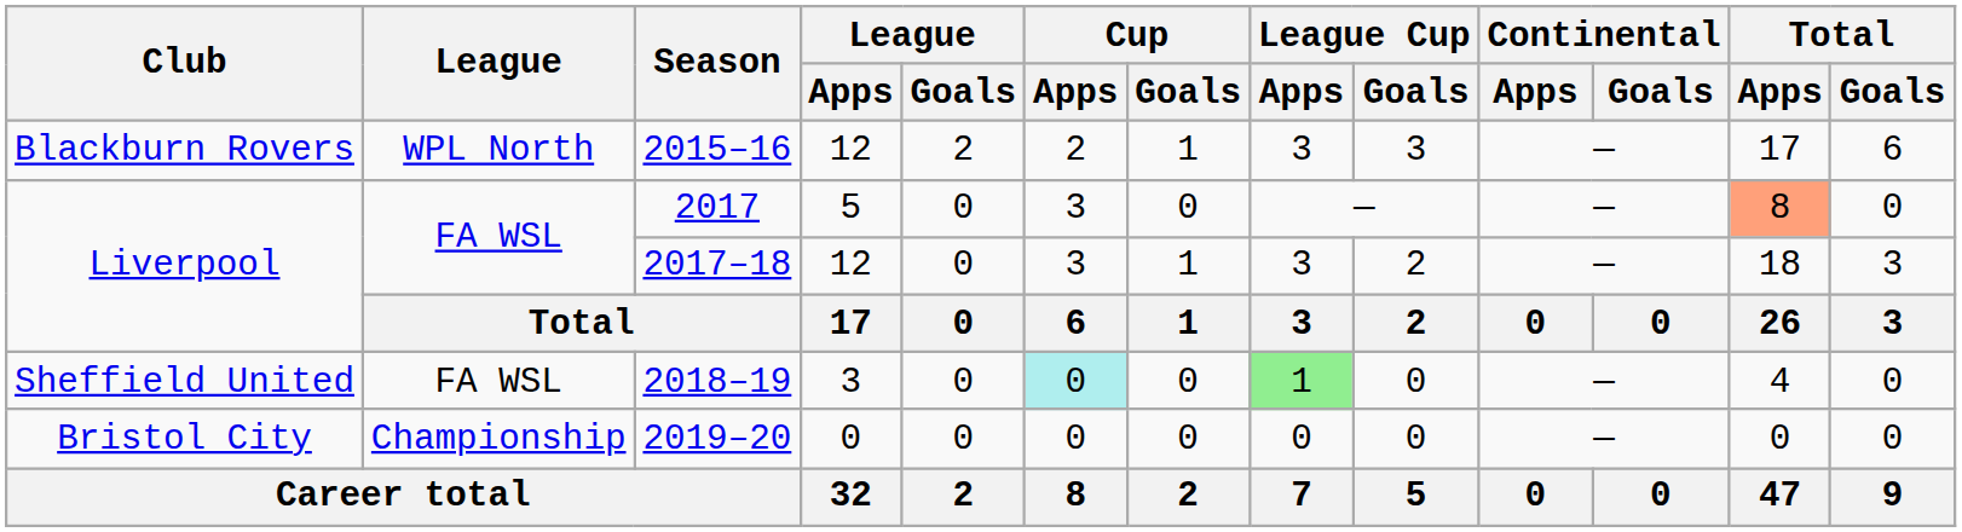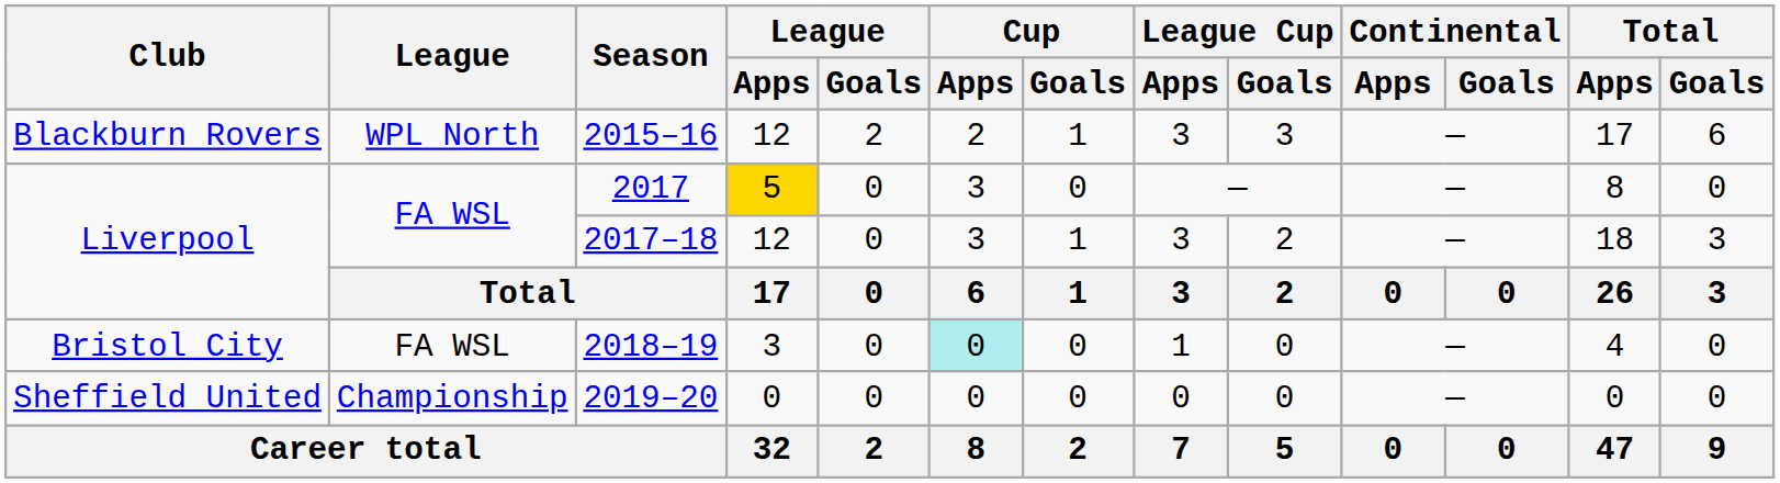 <table class="wikitable" style="text-align: center;">
 <tr>
 <th rowspan="2">Club</th>
 <th rowspan="2">League</th>
 <th rowspan="2">Season</th>
 <th colspan="2">League</th>
 <th colspan="2">Cup</th>
 <th colspan="2">League Cup</th>
 <th colspan="2">Continental</th>
 <th colspan="2">Total</th>
 </tr>
 <tr>
 <th>Apps</th>
 <th>Goals</th>
 <th>Apps</th>
 <th>Goals</th>
 <th>Apps</th>
 <th>Goals</th>
 <th>Apps</th>
 <th>Goals</th>
 <th>Apps</th>
 <th>Goals</th>
 </tr>
 <tr>
 <td><a href='#'>Blackburn Rovers</a></td>
 <td><a href='#'>WPL North</a></td>
 <td><a href='#'>2015–16</a></td>
 <td>12</td>
 <td>2</td>
 <td>2</td>
 <td>1</td>
 <td>3</td>
 <td>3</td>
 <td colspan=2>—</td>
 <td>17</td>
 <td>6</td>
 </tr>
 <tr>
 <td rowspan="3"><a href='#'>Liverpool</a></td>
 <td rowspan="2"><a href='#'>FA WSL</a></td>
 <td><a href='#'>2017</a></td>
-<td>5</td>
+<td style="background: gold;">5</td>
 <td>0</td>
 <td>3</td>
 <td>0</td>
 <td colspan=2>—</td>
 <td colspan=2>—</td>
-<td style="background: lightsalmon;">8</td>
+<td>8</td>
 <td>0</td>
 </tr>
 <tr>
 <td><a href='#'>2017–18</a></td>
 <td>12</td>
 <td>0</td>
 <td>3</td>
 <td>1</td>
 <td>3</td>
 <td>2</td>
 <td colspan=2>—</td>
 <td>18</td>
 <td>3</td>
 </tr>
 <tr>
 <th colspan="2">Total</th>
 <th>17</th>
 <th>0</th>
 <th>6</th>
 <th>1</th>
 <th>3</th>
 <th>2</th>
 <th>0</th>
 <th>0</th>
 <th>26</th>
 <th>3</th>
 </tr>
 <tr>
-<td><a href='#'>Sheffield United</a></td>
+<td><a href='#'>Bristol City</a></td>
 <td>FA WSL</td>
 <td><a href='#'>2018–19</a></td>
 <td>3</td>
 <td>0</td>
 <td style="background: paleturquoise;">0</td>
 <td>0</td>
-<td style="background: lightgreen;">1</td>
+<td>1</td>
 <td>0</td>
 <td colspan=2>—</td>
 <td>4</td>
 <td>0</td>
 </tr>
 <tr>
-<td><a href='#'>Bristol City</a></td>
+<td><a href='#'>Sheffield United</a></td>
 <td><a href='#'>Championship</a></td>
 <td><a href='#'>2019–20</a></td>
 <td>0</td>
 <td>0</td>
 <td>0</td>
 <td>0</td>
 <td>0</td>
 <td>0</td>
 <td colspan=2>—</td>
 <td>0</td>
 <td>0</td>
 </tr>
 <tr>
 <th colspan="3">Career total</th>
 <th>32</th>
 <th>2</th>
 <th>8</th>
 <th>2</th>
 <th>7</th>
 <th>5</th>
 <th>0</th>
 <th>0</th>
 <th>47</th>
 <th>9</th>
 </tr>
 </table>
